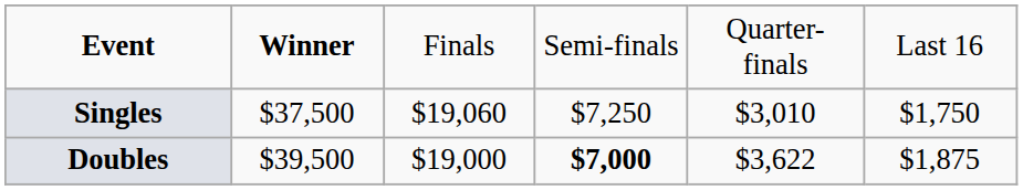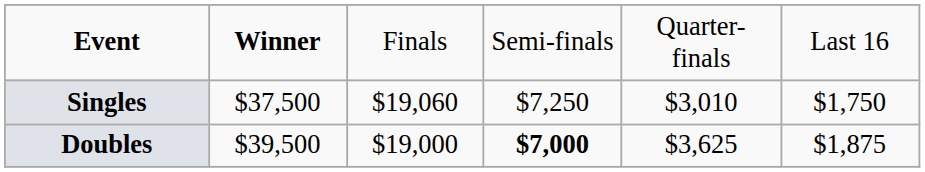 <table class=wikitable style="font-size:90%;text-align:center">
 <tr>
 <td style="width:104px;"><strong>Event</strong></td>
 <td style="width:68px;"><strong>Winner</strong></td>
 <td style="width:68px;">Finals</td>
 <td style="width:68px;">Semi-finals</td>
 <td style="width:80px;">Quarter-finals</td>
 <td style="width:68px;">Last 16</td>
 </tr>
 <tr>
 <td style="background:#dfe2e9;"><strong>Singles</strong></td>
 <td>$37,500</td>
 <td>$19,060</td>
 <td>$7,250</td>
 <td>$3,010</td>
 <td>$1,750</td>
 </tr>
 <tr>
 <td style="background:#dfe2e9;"><strong>Doubles</strong></td>
 <td>$39,500</td>
 <td>$19,000</td>
 <td><strong>$7,000</strong></td>
-<td>$3,622</td>
+<td>$3,625</td>
 <td>$1,875</td>
 </tr>
 </table>
